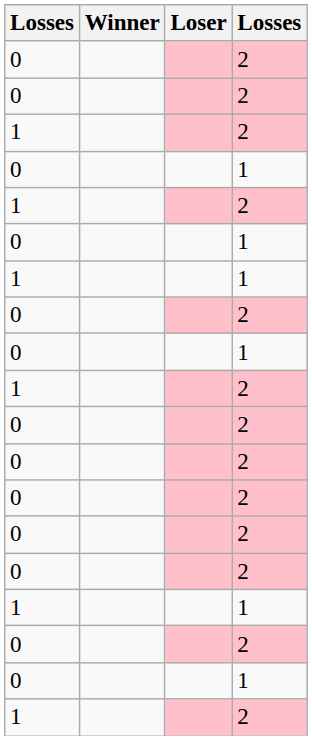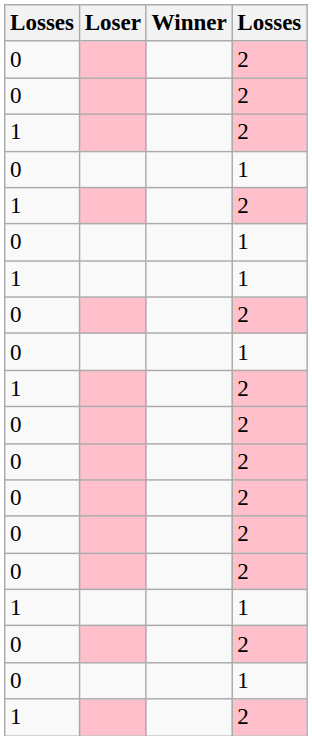 <table class=wikitable>
 <tr>
 <th>Losses</th>
+<th>Loser</th>
 <th>Winner</th>
-<th>Loser</th>
 <th>Losses</th>
 </tr>
 <tr>
 <td>0</td>
+<td bgcolor=pink></td>
 <td></td>
-<td bgcolor=pink></td>
 <td bgcolor=pink>2</td>
 </tr>
 <tr>
 <td>0</td>
+<td bgcolor=pink></td>
 <td></td>
-<td bgcolor=pink></td>
 <td bgcolor=pink>2</td>
 </tr>
 <tr>
 <td>1</td>
+<td bgcolor=pink></td>
 <td></td>
-<td bgcolor=pink></td>
 <td bgcolor=pink>2</td>
 </tr>
 <tr>
 <td>0</td>
 <td></td>
 <td></td>
 <td>1</td>
 </tr>
 <tr>
 <td>1</td>
+<td bgcolor=pink></td>
 <td></td>
-<td bgcolor=pink></td>
 <td bgcolor=pink>2</td>
 </tr>
 <tr>
 <td>0</td>
 <td></td>
 <td></td>
 <td>1</td>
 </tr>
 <tr>
 <td>1</td>
 <td></td>
 <td></td>
 <td>1</td>
 </tr>
 <tr>
 <td>0</td>
+<td bgcolor=pink></td>
 <td></td>
-<td bgcolor=pink></td>
 <td bgcolor=pink>2</td>
 </tr>
 <tr>
 <td>0</td>
 <td></td>
 <td></td>
 <td>1</td>
 </tr>
 <tr>
 <td>1</td>
+<td bgcolor=pink></td>
 <td></td>
-<td bgcolor=pink></td>
 <td bgcolor=pink>2</td>
 </tr>
 <tr>
 <td>0</td>
+<td bgcolor=pink></td>
 <td></td>
-<td bgcolor=pink></td>
 <td bgcolor=pink>2</td>
 </tr>
 <tr>
 <td>0</td>
+<td bgcolor=pink></td>
 <td></td>
-<td bgcolor=pink></td>
 <td bgcolor=pink>2</td>
 </tr>
 <tr>
 <td>0</td>
+<td bgcolor=pink></td>
 <td></td>
-<td bgcolor=pink></td>
 <td bgcolor=pink>2</td>
 </tr>
 <tr>
 <td>0</td>
+<td bgcolor=pink></td>
 <td></td>
-<td bgcolor=pink></td>
 <td bgcolor=pink>2</td>
 </tr>
 <tr>
 <td>0</td>
+<td bgcolor=pink></td>
 <td></td>
-<td bgcolor=pink></td>
 <td bgcolor=pink>2</td>
 </tr>
 <tr>
 <td>1</td>
 <td></td>
 <td></td>
 <td>1</td>
 </tr>
 <tr>
 <td>0</td>
+<td bgcolor=pink></td>
 <td></td>
-<td bgcolor=pink></td>
 <td bgcolor=pink>2</td>
 </tr>
 <tr>
 <td>0</td>
 <td></td>
 <td></td>
 <td>1</td>
 </tr>
 <tr>
 <td>1</td>
+<td bgcolor=pink></td>
 <td></td>
-<td bgcolor=pink></td>
 <td bgcolor=pink>2</td>
 </tr>
 </table>
